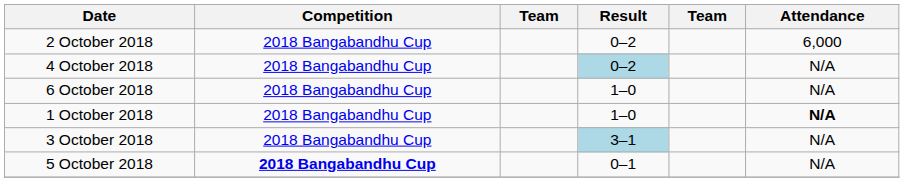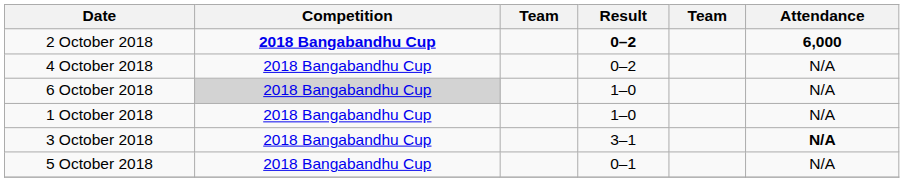 <table class="wikitable" style="text-align: left;" width="73%">
 <tr>
 <th>Date</th>
 <th>Competition</th>
 <th>Team</th>
 <th>Result</th>
 <th>Team</th>
 <th>Attendance</th>
 </tr>
 <tr>
 <td style="text-align:center;">2 October 2018</td>
-<td style="text-align:center;"><a href='#'>2018 Bangabandhu Cup</a></td>
+<td style="text-align:center;"><strong><a href='#'>2018 Bangabandhu Cup</a></strong></td>
 <td></td>
-<td align=center>0–2</td>
+<td align=center><strong>0–2</strong></td>
 <td></td>
-<td style="text-align:center;">6,000</td>
+<td style="text-align:center;"><strong>6,000</strong></td>
 </tr>
 <tr>
 <td style="text-align:center;">4 October 2018</td>
 <td style="text-align:center;"><a href='#'>2018 Bangabandhu Cup</a></td>
 <td></td>
-<td align=center style="background: lightblue;">0–2</td>
+<td align=center>0–2</td>
 <td></td>
 <td style="text-align:center;">N/A</td>
 </tr>
 <tr>
 <td style="text-align:center;">6 October 2018</td>
-<td style="text-align:center;"><a href='#'>2018 Bangabandhu Cup</a></td>
+<td style="background: lightgrey; text-align:center;"><a href='#'>2018 Bangabandhu Cup</a></td>
 <td></td>
 <td align=center>1–0</td>
 <td></td>
 <td style="text-align:center;">N/A</td>
 </tr>
 <tr>
 <td style="text-align:center;">1 October 2018</td>
 <td style="text-align:center;"><a href='#'>2018 Bangabandhu Cup</a></td>
 <td></td>
 <td align=center>1–0</td>
 <td></td>
-<td style="text-align:center;"><strong>N/A</strong></td>
+<td style="text-align:center;">N/A</td>
 </tr>
 <tr>
 <td style="text-align:center;">3 October 2018</td>
 <td style="text-align:center;"><a href='#'>2018 Bangabandhu Cup</a></td>
 <td></td>
-<td align=center style="background: lightblue;">3–1</td>
+<td align=center>3–1</td>
 <td></td>
-<td style="text-align:center;">N/A</td>
+<td style="text-align:center;"><strong>N/A</strong></td>
 </tr>
 <tr>
 <td style="text-align:center;">5 October 2018</td>
-<td style="text-align:center;"><strong><a href='#'>2018 Bangabandhu Cup</a></strong></td>
+<td style="text-align:center;"><a href='#'>2018 Bangabandhu Cup</a></td>
 <td></td>
 <td align=center>0–1</td>
 <td></td>
 <td style="text-align:center;">N/A</td>
 </tr>
 <tr>
 </tr>
 </table>
